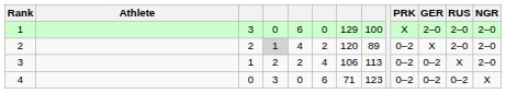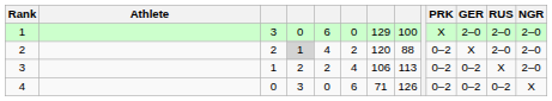 <table class="wikitable" style="text-align:center">
 <tr>
 <th width=40>Rank</th>
 <th width=300>Athlete</th>
 <th width=30></th>
 <th width=30></th>
 <th width=30></th>
 <th width=30></th>
 <th width=30></th>
 <th width=30></th>
 <th rowspan=5></th>
 <th width=30>PRK</th>
 <th width=30>GER</th>
 <th width=30>RUS</th>
 <th width=30>NGR</th>
 </tr>
 <tr style="background-color:#ccffcc;">
 <td>1</td>
 <td align=left></td>
 <td>3</td>
 <td>0</td>
 <td>6</td>
 <td>0</td>
 <td>129</td>
 <td>100</td>
 <td>X</td>
 <td>2–0</td>
 <td>2–0</td>
 <td>2–0</td>
 </tr>
 <tr>
 <td>2</td>
 <td align=left></td>
 <td>2</td>
 <td style="background: lightgrey;">1</td>
 <td>4</td>
 <td>2</td>
 <td>120</td>
-<td>89</td>
+<td>88</td>
 <td>0–2</td>
 <td>X</td>
 <td>2–0</td>
 <td>2–0</td>
 </tr>
 <tr>
 <td>3</td>
 <td align=left></td>
 <td>1</td>
 <td>2</td>
 <td>2</td>
 <td>4</td>
 <td>106</td>
 <td>113</td>
 <td>0–2</td>
 <td>0–2</td>
 <td>X</td>
 <td>2–0</td>
 </tr>
 <tr>
 <td>4</td>
 <td align=left></td>
 <td>0</td>
 <td>3</td>
 <td>0</td>
 <td>6</td>
 <td>71</td>
-<td>123</td>
+<td>126</td>
 <td>0–2</td>
 <td>0–2</td>
 <td>0–2</td>
 <td>X</td>
 </tr>
 </table>
